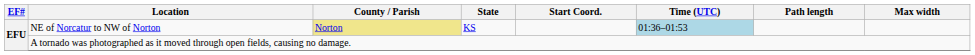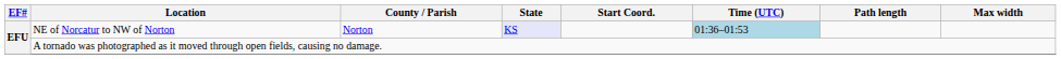 <table class="wikitable sortable" style="width:100%;">
 <tr>
 <th scope="col" width="2%" align="center"><a href='#'>EF#</a></th>
 <th scope="col" align="center" class="unsortable">Location</th>
 <th scope="col" align="center" class="unsortable">County / Parish</th>
 <th scope="col" align="center">State</th>
 <th scope="col" align="center">Start Coord.</th>
 <th scope="col" align="center">Time (<a href='#'>UTC</a>)</th>
 <th scope="col" align="center">Path length</th>
 <th scope="col" align="center">Max width</th>
 </tr>
 <tr>
 <th scope="row" rowspan="2" style="background-color:#">EFU</th>
 <td>NE of <a href='#'>Norcatur</a> to NW of <a href='#'>Norton</a></td>
-<td style="background: khaki;"><a href='#'>Norton</a></td>
-<td><a href='#'>KS</a></td>
+<td><a href='#'>Norton</a></td>
+<td style="background: lavender;"><a href='#'>KS</a></td>
 <td></td>
 <td style="background: lightblue;">01:36–01:53</td>
 <td></td>
 <td></td>
 </tr>
 <tr class="expand-child">
 <td colspan="8" style=" border-bottom: 1px solid black;">A tornado was photographed as it moved through open fields, causing no damage.</td>
 </tr>
 <tr>
 </tr>
 </table>
